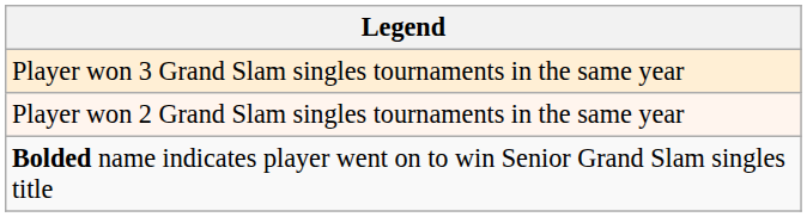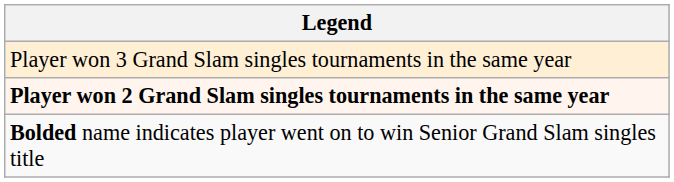 <table class="wikitable" style="font-size:95%; width:30em">
 <tr>
 <th>Legend</th>
 </tr>
 <tr>
 <td bgcolor="FFEFD5">Player won 3 Grand Slam singles tournaments in the same year</td>
 </tr>
 <tr>
-<td bgcolor="#FFF5EE">Player won 2 Grand Slam singles tournaments in the same year</td>
+<td bgcolor="#FFF5EE"><strong>Player won 2 Grand Slam singles tournaments in the same year</strong></td>
 </tr>
 <tr>
 <td><strong>Bolded</strong> name indicates player went on to win Senior Grand Slam singles title</td>
 </tr>
 </table>
